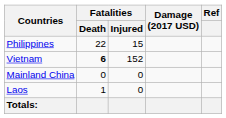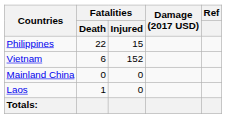 <table class="wikitable sortable" style="float:right;clear:right;">
 <tr>
 <th rowspan=2>Countries</th>
 <th colspan=2>Fatalities</th>
 <th rowspan=2>Damage<br>(2017 USD)</th>
 <th class="unsortable">Ref</th>
 </tr>
 <tr>
 <th>Death</th>
 <th>Injured</th>
 <th></th>
 </tr>
 <tr style="text-align:right;">
 <td scope="row" style="text-align: left;"><a href='#'>Philippines</a></td>
 <td>22</td>
 <td>15</td>
 <td></td>
 <td></td>
 </tr>
 <tr style="text-align:right;">
 <td scope="row" style="text-align: left;"><a href='#'>Vietnam</a></td>
-<td><strong>6</strong></td>
+<td>6</td>
 <td>152</td>
 <td></td>
 <td></td>
 </tr>
 <tr style="text-align: right;">
 <td scope="row" style="text-align: left;"><a href='#'>Mainland China</a></td>
 <td>0</td>
 <td>0</td>
 <td></td>
 <td></td>
 </tr>
 <tr style="text-align:right;">
 <td scope="row" style="text-align: left;"><a href='#'>Laos</a></td>
 <td>1</td>
 <td>0</td>
 <td></td>
 <td></td>
 </tr>
 <tr class="sortbottom">
 <th scope="row" style="text-align: left;">Totals:</th>
 <th style="text-align:right;"></th>
 <th style="text-align:right;"></th>
 <th style="text-align:right;"></th>
 <th></th>
 </tr>
 </table>
